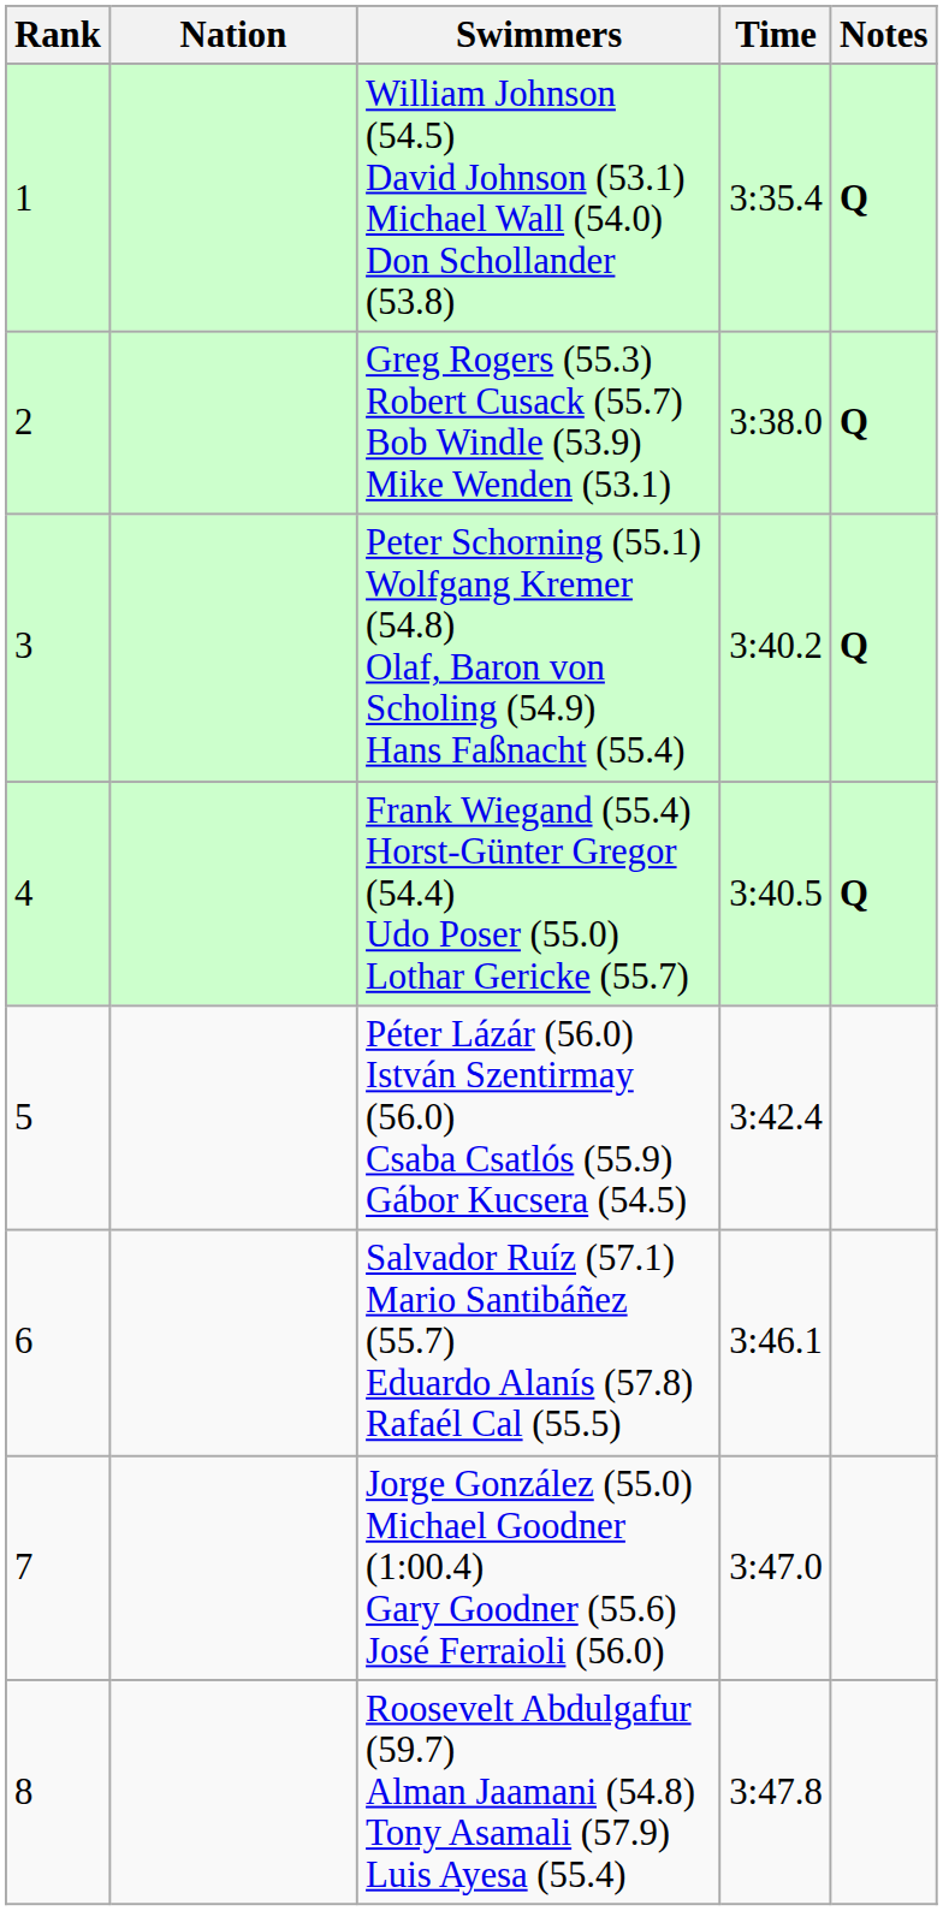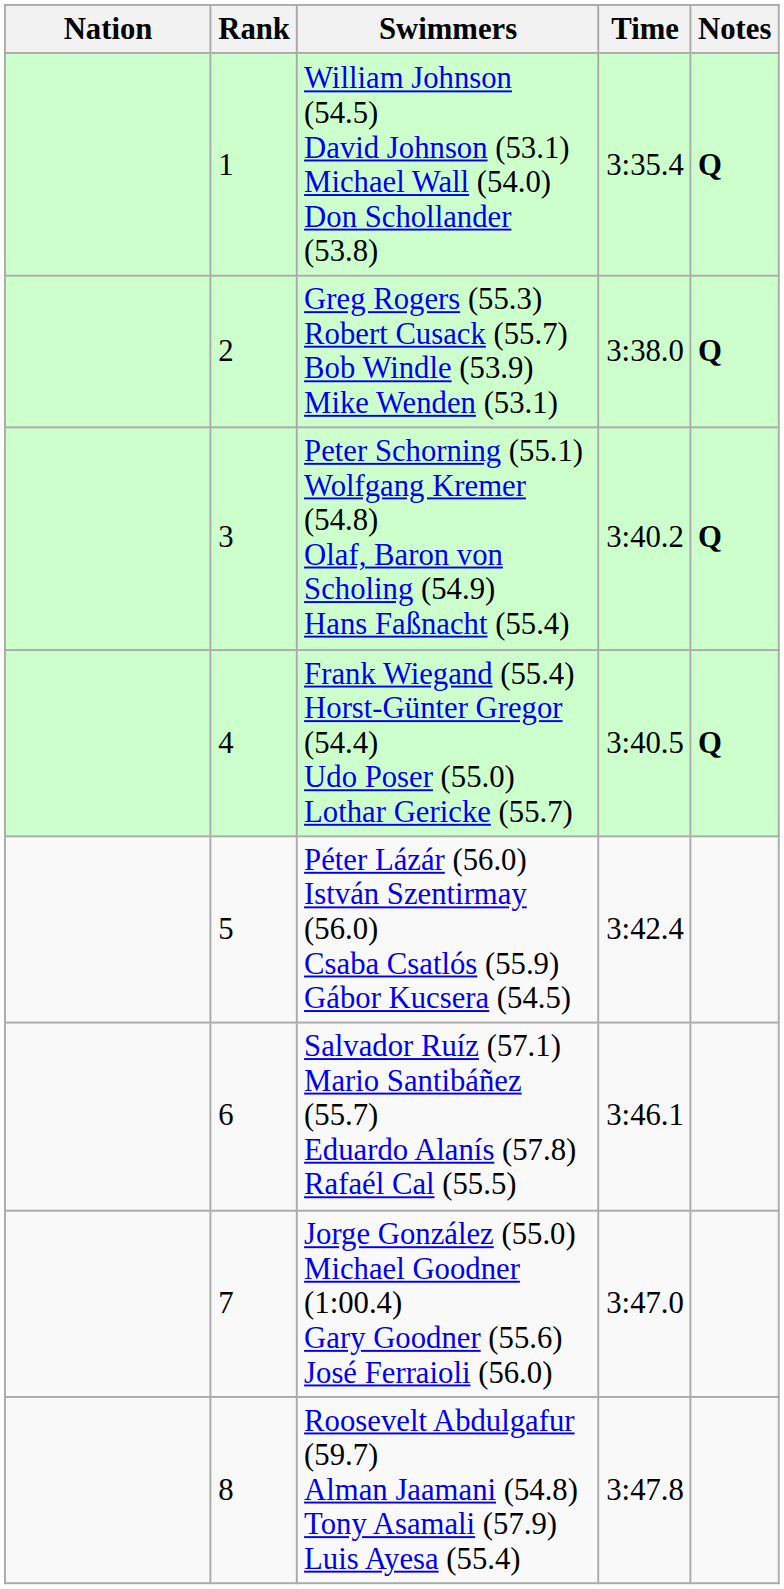 <table class="wikitable sortable">
 <tr>
+<th width=100>Nation</th>
 <th>Rank</th>
-<th width=100>Nation</th>
 <th width=150>Swimmers</th>
 <th>Time</th>
 <th>Notes</th>
 </tr>
 <tr bgcolor=#CCFFCC>
+<td></td>
 <td>1</td>
-<td></td>
 <td><a href='#'>William Johnson</a> (54.5) <br><a href='#'>David Johnson</a> (53.1)<br><a href='#'>Michael Wall</a> (54.0)<br><a href='#'>Don Schollander</a> (53.8)</td>
 <td>3:35.4</td>
 <td><strong>Q</strong></td>
 </tr>
 <tr bgcolor=#CCFFCC>
+<td></td>
 <td>2</td>
-<td></td>
 <td><a href='#'>Greg Rogers</a> (55.3) <br><a href='#'>Robert Cusack</a> (55.7)<br><a href='#'>Bob Windle</a> (53.9)<br><a href='#'>Mike Wenden</a> (53.1)</td>
 <td>3:38.0</td>
 <td><strong>Q</strong></td>
 </tr>
 <tr bgcolor=#CCFFCC>
+<td></td>
 <td>3</td>
-<td></td>
 <td><a href='#'>Peter Schorning</a> (55.1) <br><a href='#'>Wolfgang Kremer</a> (54.8)<br><a href='#'>Olaf, Baron von Scholing</a> (54.9)<br><a href='#'>Hans Faßnacht</a> (55.4)</td>
 <td>3:40.2</td>
 <td><strong>Q</strong></td>
 </tr>
 <tr bgcolor=#CCFFCC>
+<td></td>
 <td>4</td>
-<td></td>
 <td><a href='#'>Frank Wiegand</a> (55.4) <br><a href='#'>Horst-Günter Gregor</a> (54.4)<br><a href='#'>Udo Poser</a> (55.0)<br><a href='#'>Lothar Gericke</a> (55.7)</td>
 <td>3:40.5</td>
 <td><strong>Q</strong></td>
 </tr>
 <tr>
+<td></td>
 <td>5</td>
-<td></td>
 <td><a href='#'>Péter Lázár</a> (56.0) <br><a href='#'>István Szentirmay</a> (56.0)<br><a href='#'>Csaba Csatlós</a> (55.9)<br><a href='#'>Gábor Kucsera</a> (54.5)</td>
 <td>3:42.4</td>
 <td></td>
 </tr>
 <tr>
+<td></td>
 <td>6</td>
-<td></td>
 <td><a href='#'>Salvador Ruíz</a> (57.1) <br><a href='#'>Mario Santibáñez</a> (55.7)<br><a href='#'>Eduardo Alanís</a> (57.8)<br><a href='#'>Rafaél Cal</a> (55.5)</td>
 <td>3:46.1</td>
 <td></td>
 </tr>
 <tr>
+<td></td>
 <td>7</td>
-<td></td>
 <td><a href='#'>Jorge González</a> (55.0) <br><a href='#'>Michael Goodner</a> (1:00.4)<br><a href='#'>Gary Goodner</a> (55.6)<br><a href='#'>José Ferraioli</a> (56.0)</td>
 <td>3:47.0</td>
 <td></td>
 </tr>
 <tr>
+<td></td>
 <td>8</td>
-<td></td>
 <td><a href='#'>Roosevelt Abdulgafur</a> (59.7) <br><a href='#'>Alman Jaamani</a> (54.8)<br><a href='#'>Tony Asamali</a> (57.9)<br><a href='#'>Luis Ayesa</a> (55.4)</td>
 <td>3:47.8</td>
 <td></td>
 </tr>
 </table>
